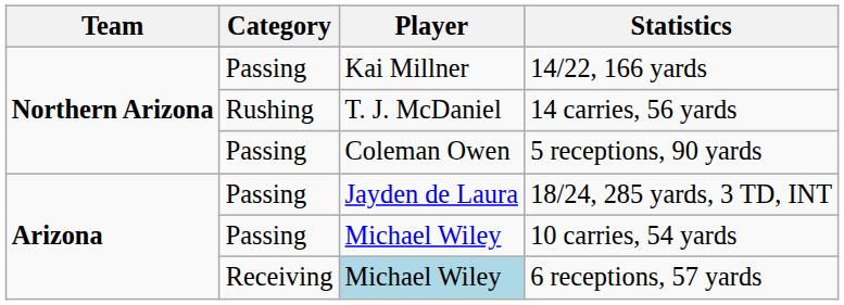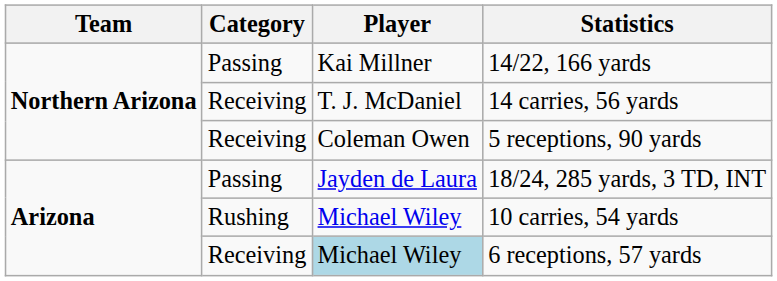 <table class="wikitable" style="float: right;">
 <tr>
 <th>Team</th>
 <th>Category</th>
 <th>Player</th>
 <th>Statistics</th>
 </tr>
 <tr>
 <td rowspan=3><strong>Northern Arizona</strong></td>
 <td>Passing</td>
 <td>Kai Millner</td>
 <td>14/22, 166 yards</td>
 </tr>
 <tr>
-<td>Rushing</td>
+<td>Receiving</td>
 <td>T. J. McDaniel</td>
 <td>14 carries, 56 yards</td>
 </tr>
 <tr>
-<td>Passing</td>
+<td>Receiving</td>
 <td>Coleman Owen</td>
 <td>5 receptions, 90 yards</td>
 </tr>
 <tr>
 <td rowspan=3><strong>Arizona</strong></td>
 <td>Passing</td>
 <td><a href='#'>Jayden de Laura</a></td>
 <td>18/24, 285 yards, 3 TD, INT</td>
 </tr>
 <tr>
-<td>Passing</td>
+<td>Rushing</td>
 <td><a href='#'>Michael Wiley</a></td>
 <td>10 carries, 54 yards</td>
 </tr>
 <tr>
 <td>Receiving</td>
 <td style="background: lightblue;">Michael Wiley</td>
 <td>6 receptions, 57 yards</td>
 </tr>
 </table>
